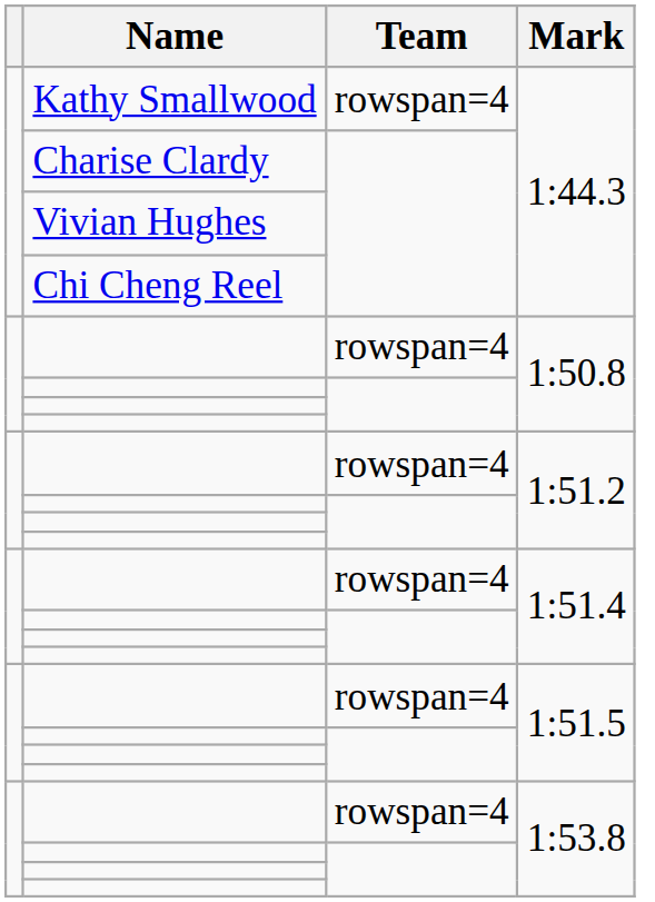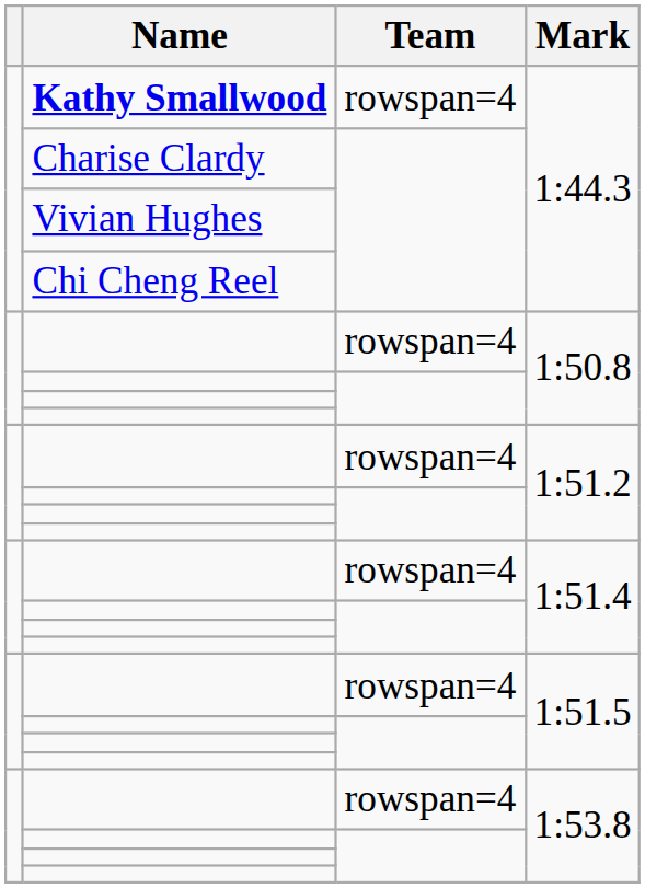 <table class=wikitable>
 <tr>
 <th></th>
 <th>Name</th>
 <th>Team</th>
 <th>Mark</th>
 </tr>
 <tr>
 <td rowspan=4></td>
-<td><a href='#'>Kathy Smallwood</a></td>
+<td><strong><a href='#'>Kathy Smallwood</a></strong></td>
 <td>rowspan=4 </td>
 <td rowspan=4>1:44.3</td>
 </tr>
 <tr>
 <td><a href='#'>Charise Clardy</a></td>
 </tr>
 <tr>
 <td><a href='#'>Vivian Hughes</a></td>
 </tr>
 <tr>
 <td><a href='#'>Chi Cheng Reel</a></td>
 </tr>
 <tr>
 <td rowspan=4></td>
 <td></td>
 <td>rowspan=4 </td>
 <td rowspan=4>1:50.8</td>
 </tr>
 <tr>
 <td></td>
 </tr>
 <tr>
 <td></td>
 </tr>
 <tr>
 <td></td>
 </tr>
 <tr>
 <td rowspan=4></td>
 <td></td>
 <td>rowspan=4 </td>
 <td rowspan=4>1:51.2</td>
 </tr>
 <tr>
 <td></td>
 </tr>
 <tr>
 <td></td>
 </tr>
 <tr>
 <td></td>
 </tr>
 <tr>
 <td rowspan=4></td>
 <td></td>
 <td>rowspan=4 </td>
 <td rowspan=4>1:51.4</td>
 </tr>
 <tr>
 <td></td>
 </tr>
 <tr>
 <td></td>
 </tr>
 <tr>
 <td></td>
 </tr>
 <tr>
 <td rowspan=4></td>
 <td></td>
 <td>rowspan=4 </td>
 <td rowspan=4>1:51.5</td>
 </tr>
 <tr>
 <td></td>
 </tr>
 <tr>
 <td></td>
 </tr>
 <tr>
 <td></td>
 </tr>
 <tr>
 <td rowspan=4></td>
 <td></td>
 <td>rowspan=4 </td>
 <td rowspan=4>1:53.8</td>
 </tr>
 <tr>
 <td></td>
 </tr>
 <tr>
 <td></td>
 </tr>
 <tr>
 <td></td>
 </tr>
 </table>
